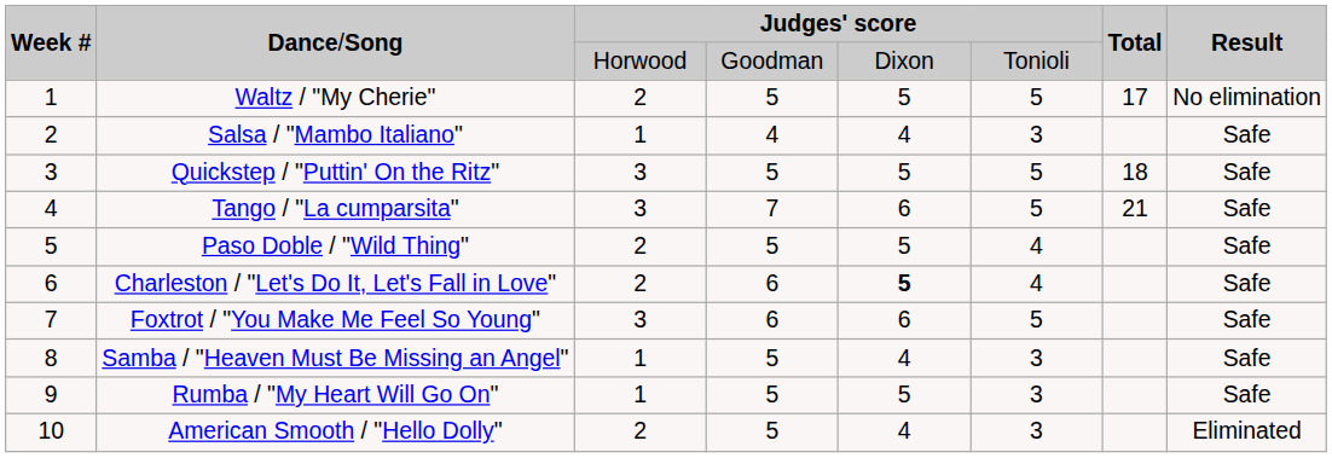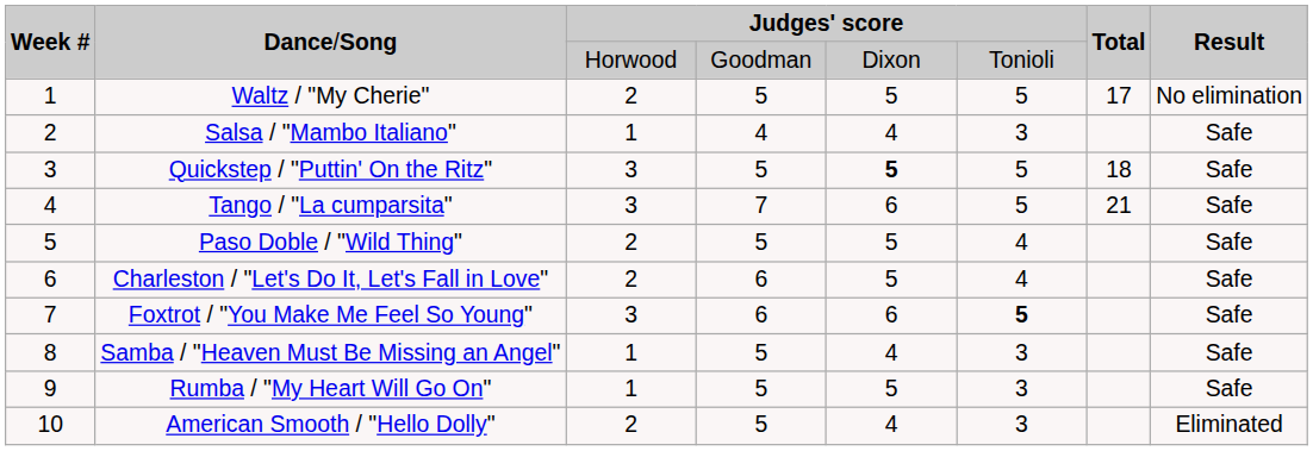 <table class="wikitable" style="margin:left;">
 <tr style="text-align:Center; background:#ccc;">
 <td rowspan="2"><strong>Week #</strong></td>
 <td rowspan="2"><strong>Dance</strong>/<strong>Song</strong></td>
 <td colspan="4"><strong>Judges' score</strong></td>
 <td rowspan="2"><strong>Total</strong></td>
 <td rowspan="2"><strong>Result</strong></td>
 </tr>
 <tr style="text-align:center; background:#ccc;">
 <td style="width:10%; ">Horwood</td>
 <td style="width:10%; ">Goodman</td>
 <td style="width:10%; ">Dixon</td>
 <td style="width:10%; ">Tonioli</td>
 </tr>
 <tr style="text-align:center; background:#faf6f6;">
 <td>1</td>
 <td><a href='#'>Waltz</a> / "My Cherie"</td>
 <td>2</td>
 <td>5</td>
 <td>5</td>
 <td>5</td>
 <td>17</td>
 <td>No elimination</td>
 </tr>
 <tr style="text-align:center; background:#faf6f6;">
 <td>2</td>
 <td><a href='#'>Salsa</a> / "<a href='#'>Mambo Italiano</a>"</td>
 <td>1</td>
 <td>4</td>
 <td>4</td>
 <td>3</td>
 <td></td>
 <td>Safe</td>
 </tr>
 <tr style="text-align:center; background:#faf6f6;">
 <td>3</td>
 <td><a href='#'>Quickstep</a> / "<a href='#'>Puttin' On the Ritz</a>"</td>
 <td>3</td>
 <td>5</td>
-<td>5</td>
+<td><strong>5</strong></td>
 <td>5</td>
 <td>18</td>
 <td>Safe</td>
 </tr>
 <tr style="text-align:center; background:#faf6f6;">
 <td>4</td>
 <td><a href='#'>Tango</a> / "<a href='#'>La cumparsita</a>"</td>
 <td>3</td>
 <td>7</td>
 <td>6</td>
 <td>5</td>
 <td>21</td>
 <td>Safe</td>
 </tr>
 <tr style="text-align:center; background:#faf6f6;">
 <td>5</td>
 <td><a href='#'>Paso Doble</a> / "<a href='#'>Wild Thing</a>"</td>
 <td>2</td>
 <td>5</td>
 <td>5</td>
 <td>4</td>
 <td></td>
 <td>Safe</td>
 </tr>
 <tr style="text-align:center; background:#faf6f6;">
 <td>6</td>
 <td><a href='#'>Charleston</a> / "<a href='#'>Let's Do It, Let's Fall in Love</a>"</td>
 <td>2</td>
 <td>6</td>
-<td><strong>5</strong></td>
+<td>5</td>
 <td>4</td>
 <td></td>
 <td>Safe</td>
 </tr>
 <tr style="text-align:center; background:#faf6f6;">
 <td>7</td>
 <td><a href='#'>Foxtrot</a> / "<a href='#'>You Make Me Feel So Young</a>"</td>
 <td>3</td>
 <td>6</td>
 <td>6</td>
-<td>5</td>
+<td><strong>5</strong></td>
 <td></td>
 <td>Safe</td>
 </tr>
 <tr style="text-align:center; background:#faf6f6;">
 <td>8</td>
 <td><a href='#'>Samba</a> / "<a href='#'>Heaven Must Be Missing an Angel</a>"</td>
 <td>1</td>
 <td>5</td>
 <td>4</td>
 <td>3</td>
 <td></td>
 <td>Safe</td>
 </tr>
 <tr style="text-align:center; background:#faf6f6;">
 <td>9</td>
 <td><a href='#'>Rumba</a> / "<a href='#'>My Heart Will Go On</a>"</td>
 <td>1</td>
 <td>5</td>
 <td>5</td>
 <td>3</td>
 <td></td>
 <td>Safe</td>
 </tr>
 <tr style="text-align:center; background:#faf6f6;">
 <td>10</td>
 <td><a href='#'>American Smooth</a> / "<a href='#'>Hello Dolly</a>"</td>
 <td>2</td>
 <td>5</td>
 <td>4</td>
 <td>3</td>
 <td></td>
 <td>Eliminated</td>
 </tr>
 </table>
